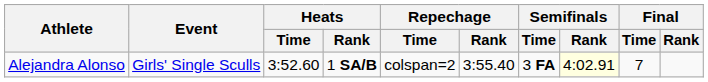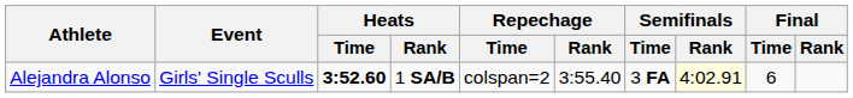 <table class="wikitable" style="font-size:90%">
 <tr>
 <th rowspan="2">Athlete</th>
 <th rowspan="2">Event</th>
 <th colspan="2">Heats</th>
 <th colspan="2">Repechage</th>
 <th colspan="2">Semifinals</th>
 <th colspan="2">Final</th>
 </tr>
 <tr style="font-size:95%">
 <th>Time</th>
 <th>Rank</th>
 <th>Time</th>
 <th>Rank</th>
 <th>Time</th>
 <th>Rank</th>
 <th>Time</th>
 <th>Rank</th>
 </tr>
 <tr align=center>
 <td align=left><a href='#'>Alejandra Alonso</a></td>
 <td align=left><a href='#'>Girls' Single Sculls</a></td>
-<td>3:52.60</td>
+<td><strong>3:52.60</strong></td>
 <td>1 <strong>SA/B</strong></td>
 <td>colspan=2 </td>
 <td>3:55.40</td>
 <td>3 <strong>FA</strong></td>
 <td style="background: lightyellow;">4:02.91</td>
-<td>7</td>
+<td>6</td>
 </tr>
 </table>
